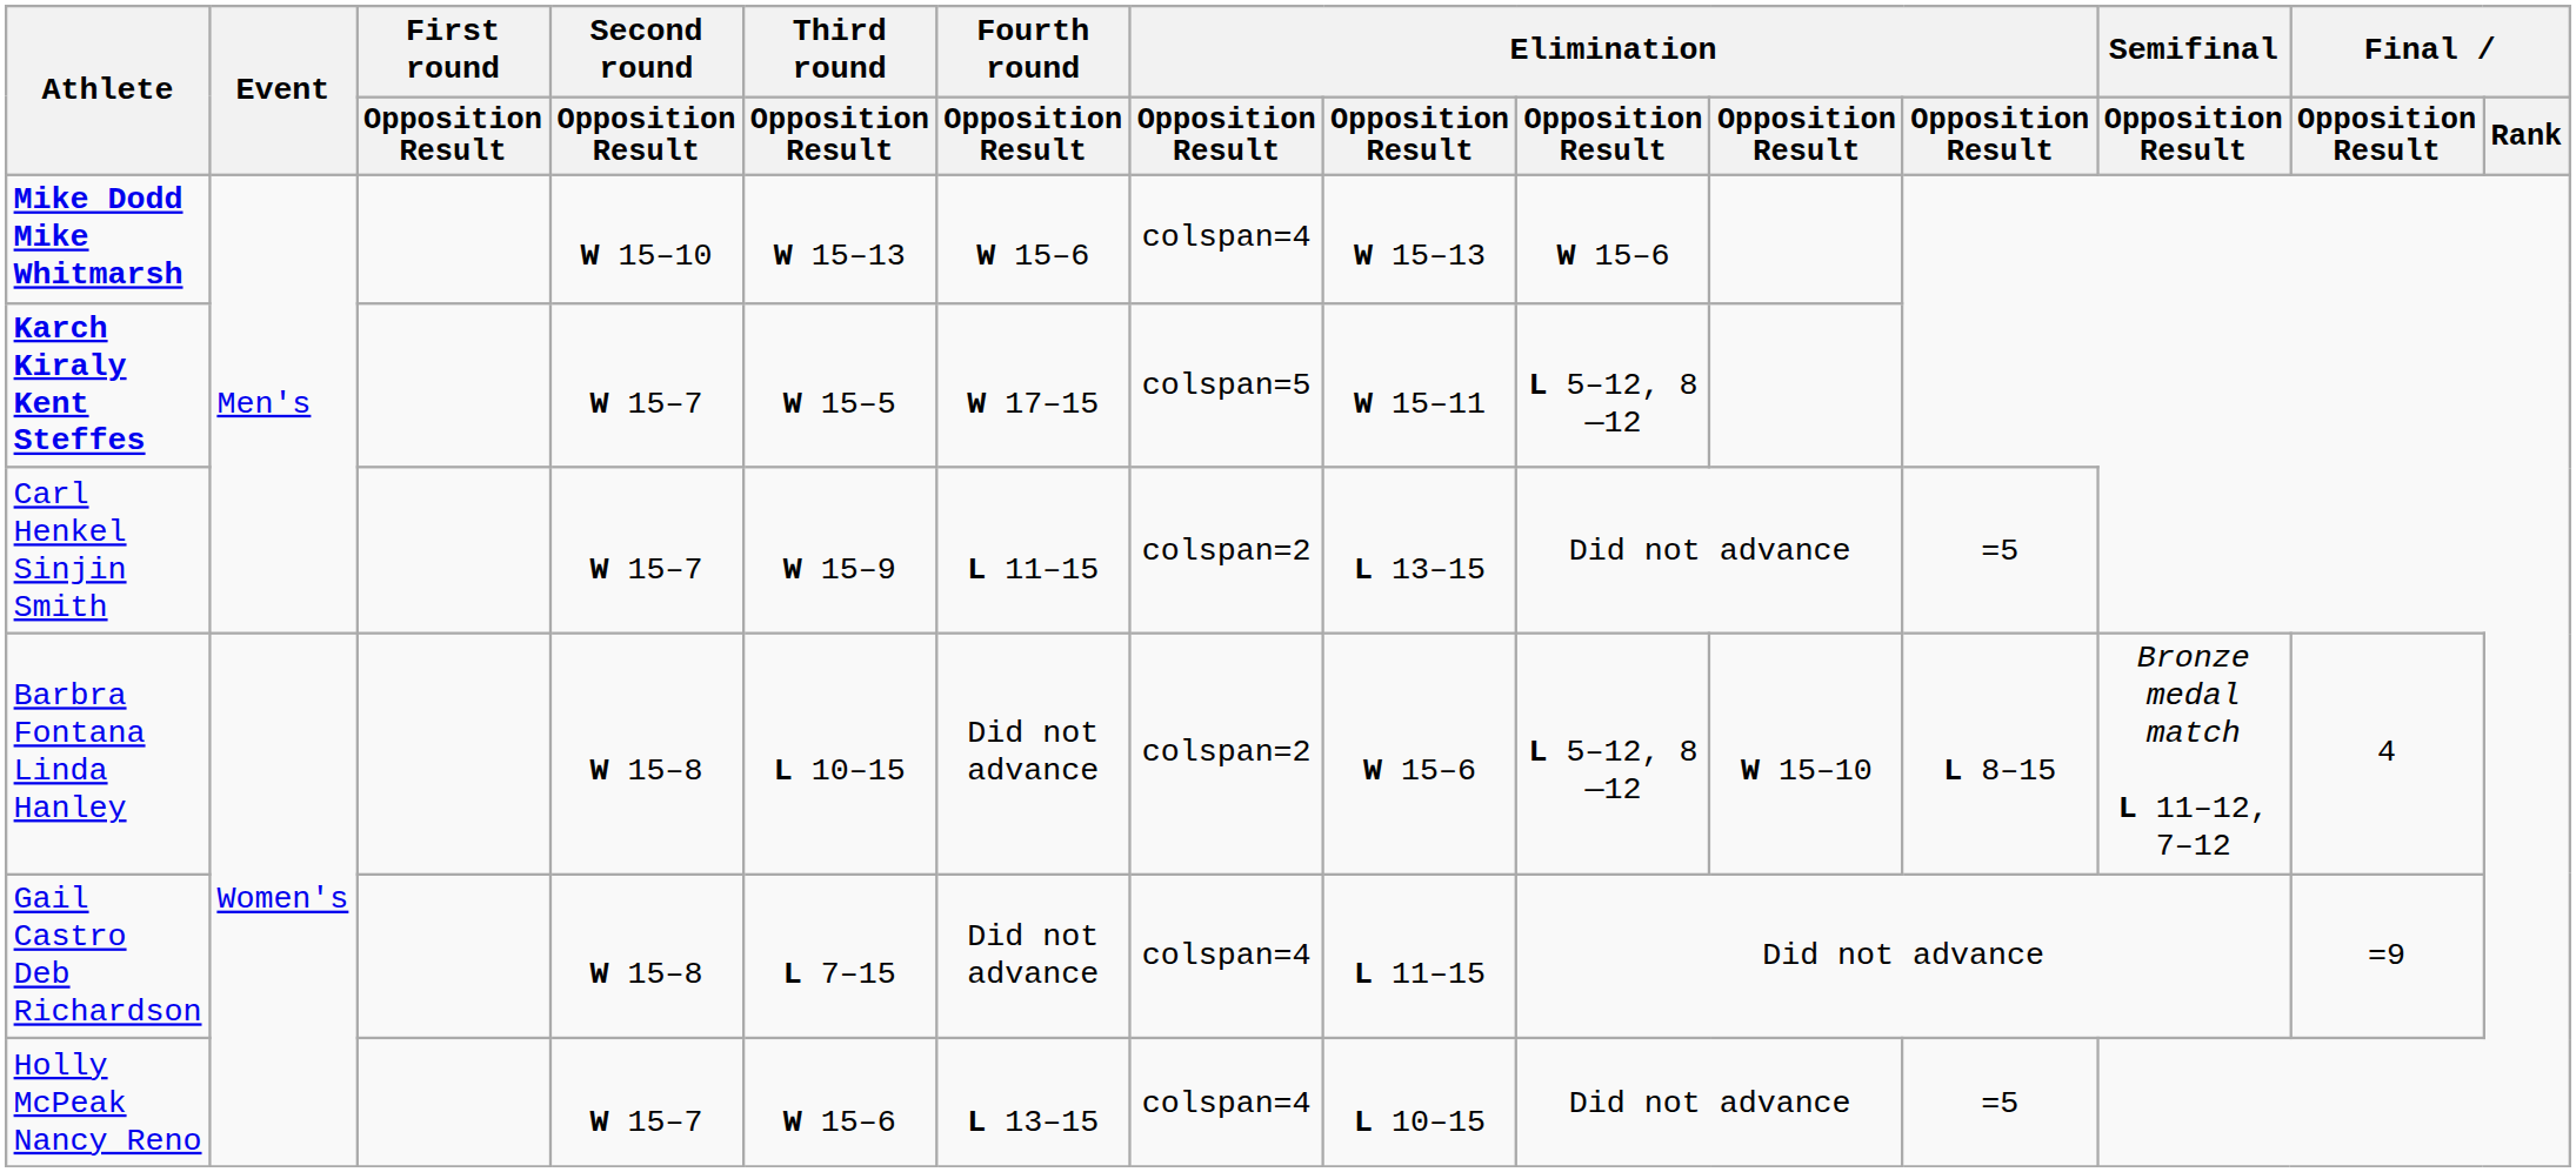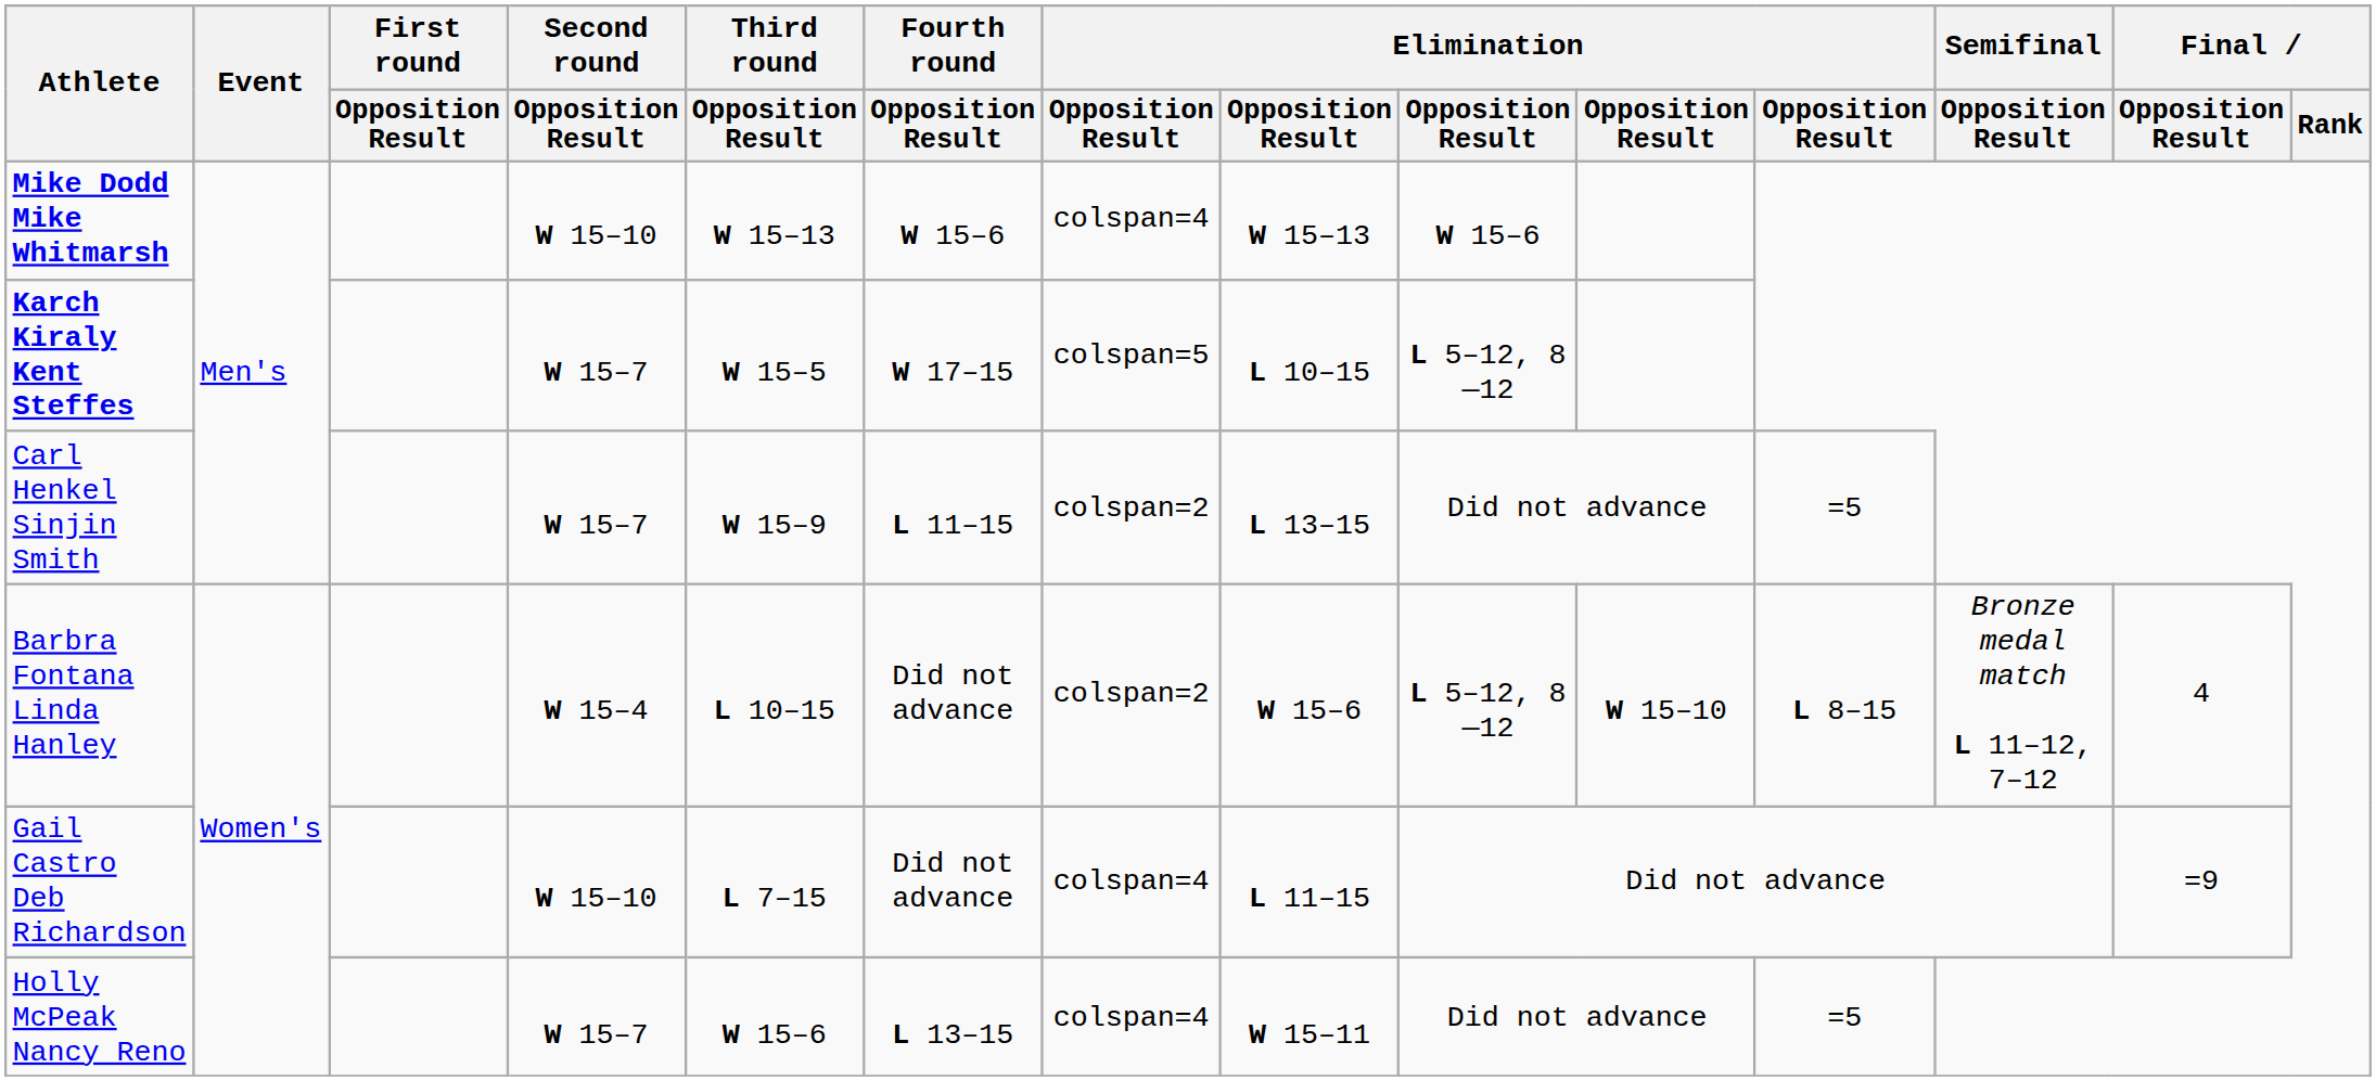 <table class=wikitable style=font-size:90%;text-align:center>
 <tr>
 <th rowspan=2>Athlete</th>
 <th rowspan=2>Event</th>
 <th>First round</th>
 <th>Second round</th>
 <th>Third round</th>
 <th>Fourth round</th>
 <th colspan=5>Elimination</th>
 <th>Semifinal</th>
 <th colspan=2>Final / </th>
 </tr>
 <tr style=font-size:95%>
 <th>Opposition<br>Result</th>
 <th>Opposition<br>Result</th>
 <th>Opposition<br>Result</th>
 <th>Opposition<br>Result</th>
 <th>Opposition<br>Result</th>
 <th>Opposition<br>Result</th>
 <th>Opposition<br>Result</th>
 <th>Opposition<br>Result</th>
 <th>Opposition<br>Result</th>
 <th>Opposition<br>Result</th>
 <th>Opposition<br>Result</th>
 <th>Rank</th>
 </tr>
 <tr>
 <td align=left><strong><a href='#'>Mike Dodd</a><br><a href='#'>Mike Whitmarsh</a></strong></td>
 <td align=left rowspan=3><a href='#'>Men's</a></td>
 <td></td>
 <td><br><strong>W</strong> 15–10</td>
 <td><br><strong>W</strong> 15–13</td>
 <td><br><strong>W</strong> 15–6</td>
 <td>colspan=4 </td>
 <td><br><strong>W</strong> 15–13</td>
 <td><br><strong>W</strong> 15–6</td>
 <td></td>
 </tr>
 <tr>
 <td align=left><strong><a href='#'>Karch Kiraly</a><br><a href='#'>Kent Steffes</a></strong></td>
 <td></td>
 <td><br><strong>W</strong> 15–7</td>
 <td><br><strong>W</strong> 15–5</td>
 <td><br><strong>W</strong> 17–15</td>
 <td>colspan=5 </td>
-<td><br><strong>W</strong> 15–11</td>
+<td><br><strong>L</strong> 10–15</td>
 <td><br><strong>L</strong> 5–12, 8—12</td>
 <td></td>
 </tr>
 <tr>
 <td align=left><a href='#'>Carl Henkel</a><br><a href='#'>Sinjin Smith</a></td>
 <td></td>
 <td><br><strong>W</strong> 15–7</td>
 <td><br><strong>W</strong> 15–9</td>
 <td><br><strong>L</strong> 11–15</td>
 <td>colspan=2 </td>
 <td><br><strong>L</strong> 13–15</td>
 <td colspan=2>Did not advance</td>
 <td>=5</td>
 </tr>
 <tr>
 <td align=left><a href='#'>Barbra Fontana</a><br><a href='#'>Linda Hanley</a></td>
 <td align=left rowspan=3><a href='#'>Women's</a></td>
 <td></td>
-<td><br><strong>W</strong> 15–8</td>
+<td><br><strong>W</strong> 15–4</td>
 <td><br><strong>L</strong> 10–15</td>
 <td>Did not advance</td>
 <td>colspan=2 </td>
 <td><br><strong>W</strong> 15–6</td>
 <td><br><strong>L</strong> 5–12, 8—12</td>
 <td><br><strong>W</strong> 15–10</td>
 <td><br><strong>L</strong> 8–15</td>
 <td><em>Bronze medal match</em><br><br><strong>L</strong> 11–12, 7–12</td>
 <td>4</td>
 </tr>
 <tr>
 <td align=left><a href='#'>Gail Castro</a><br><a href='#'>Deb Richardson</a></td>
 <td></td>
-<td><br><strong>W</strong> 15–8</td>
+<td><br><strong>W</strong> 15–10</td>
 <td><br><strong>L</strong> 7–15</td>
 <td>Did not advance</td>
 <td>colspan=4 </td>
 <td><br><strong>L</strong> 11–15</td>
 <td colspan=4>Did not advance</td>
 <td>=9</td>
 </tr>
 <tr>
 <td align=left><a href='#'>Holly McPeak</a><br><a href='#'>Nancy Reno</a></td>
 <td></td>
 <td><br><strong>W</strong> 15–7</td>
 <td><br><strong>W</strong> 15–6</td>
 <td><br><strong>L</strong> 13–15</td>
 <td>colspan=4 </td>
-<td><br><strong>L</strong> 10–15</td>
+<td><br><strong>W</strong> 15–11</td>
 <td colspan=2>Did not advance</td>
 <td>=5</td>
 </tr>
 </table>
